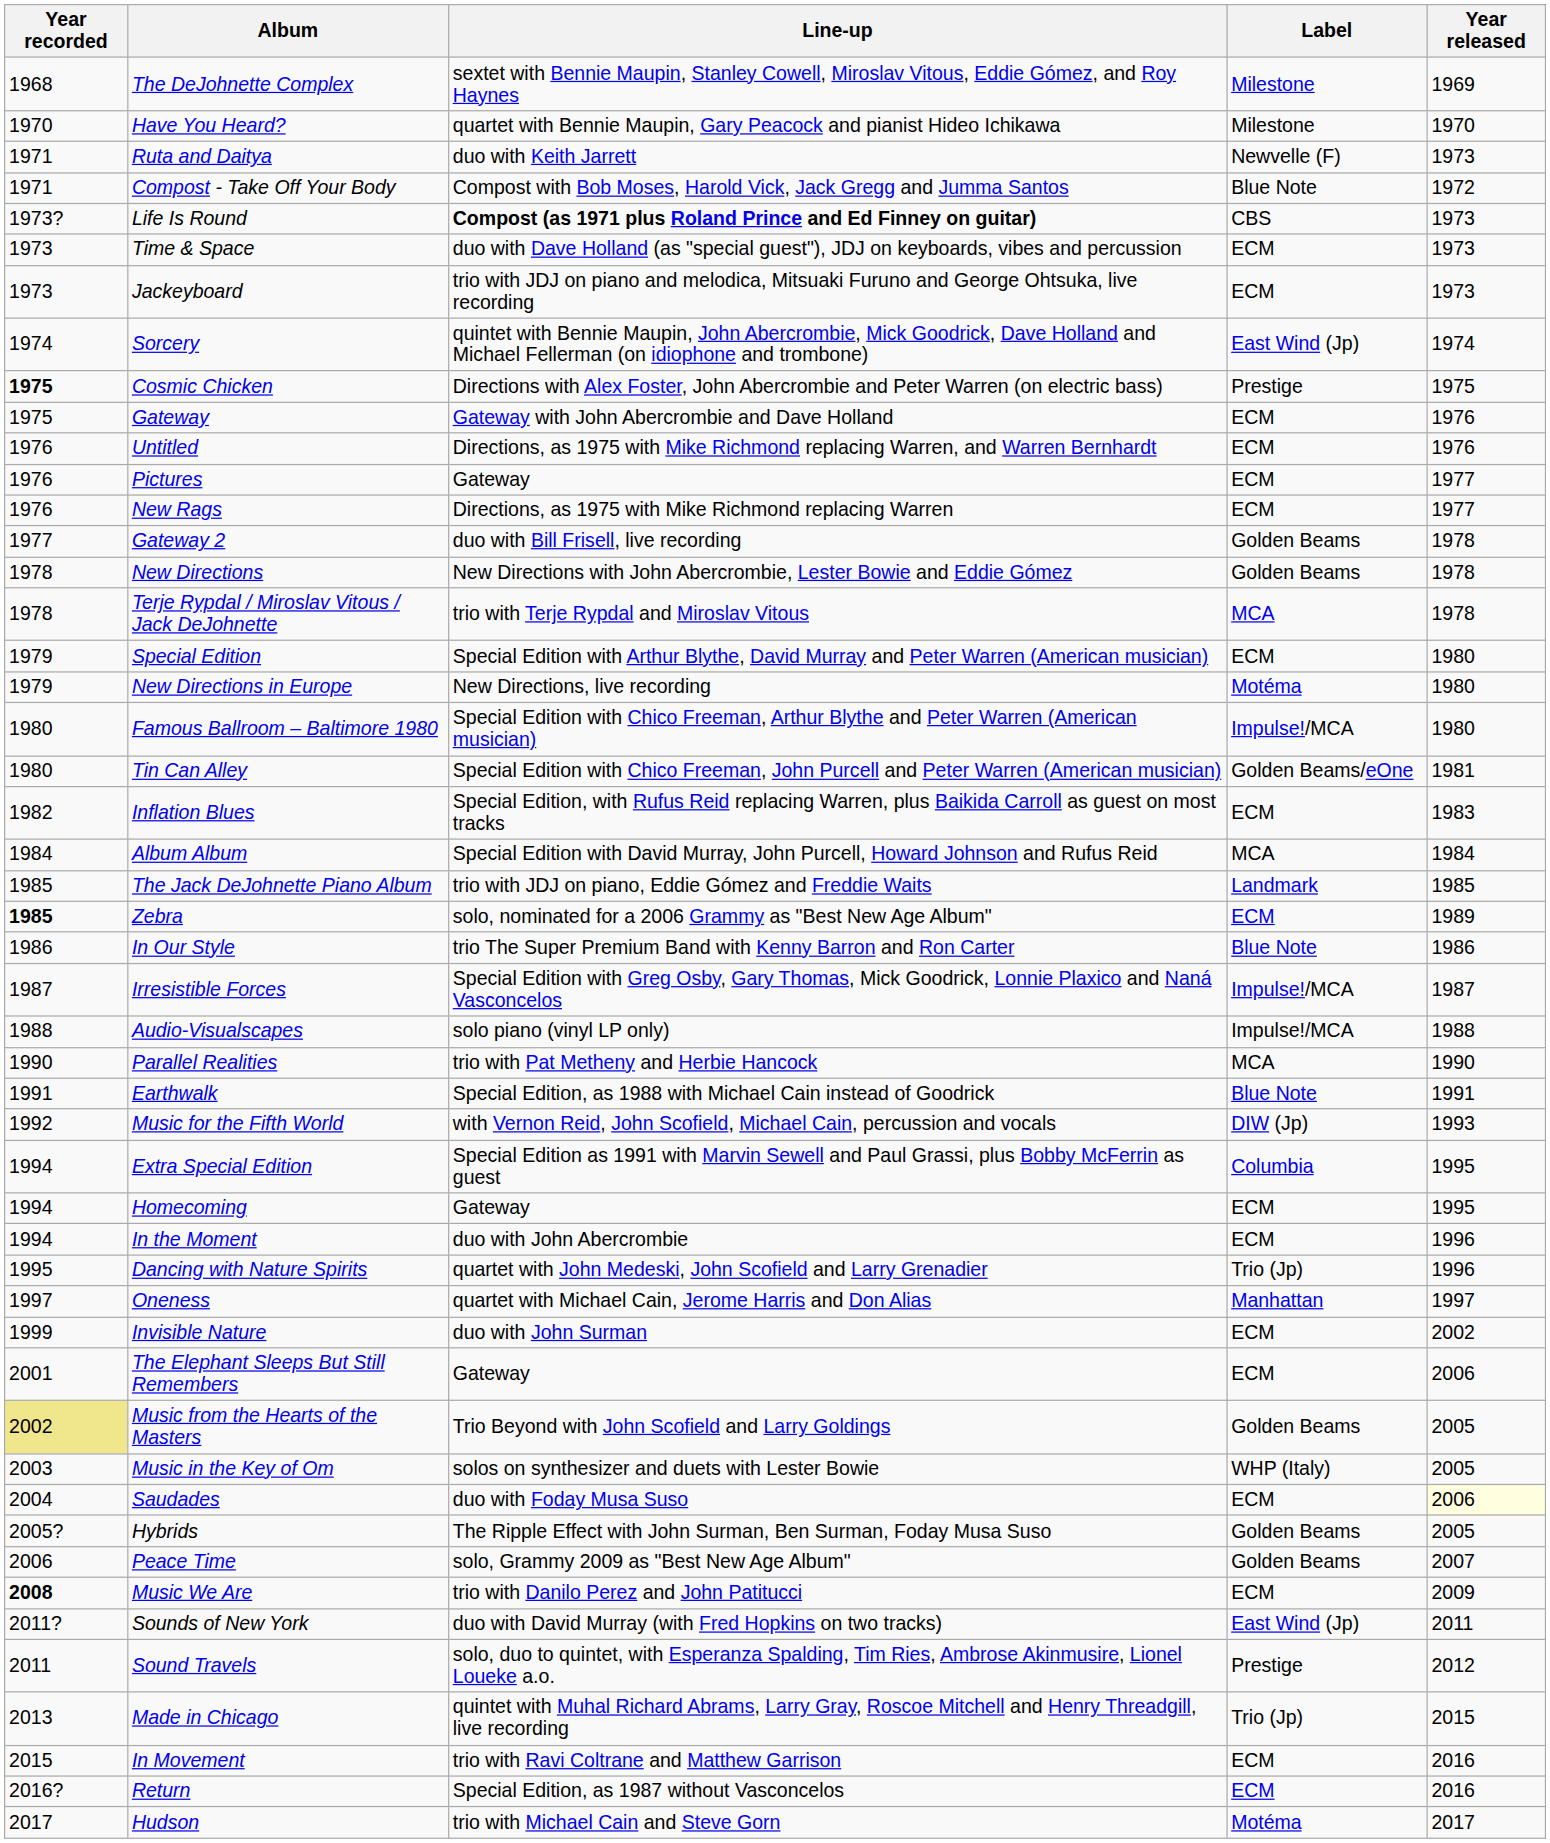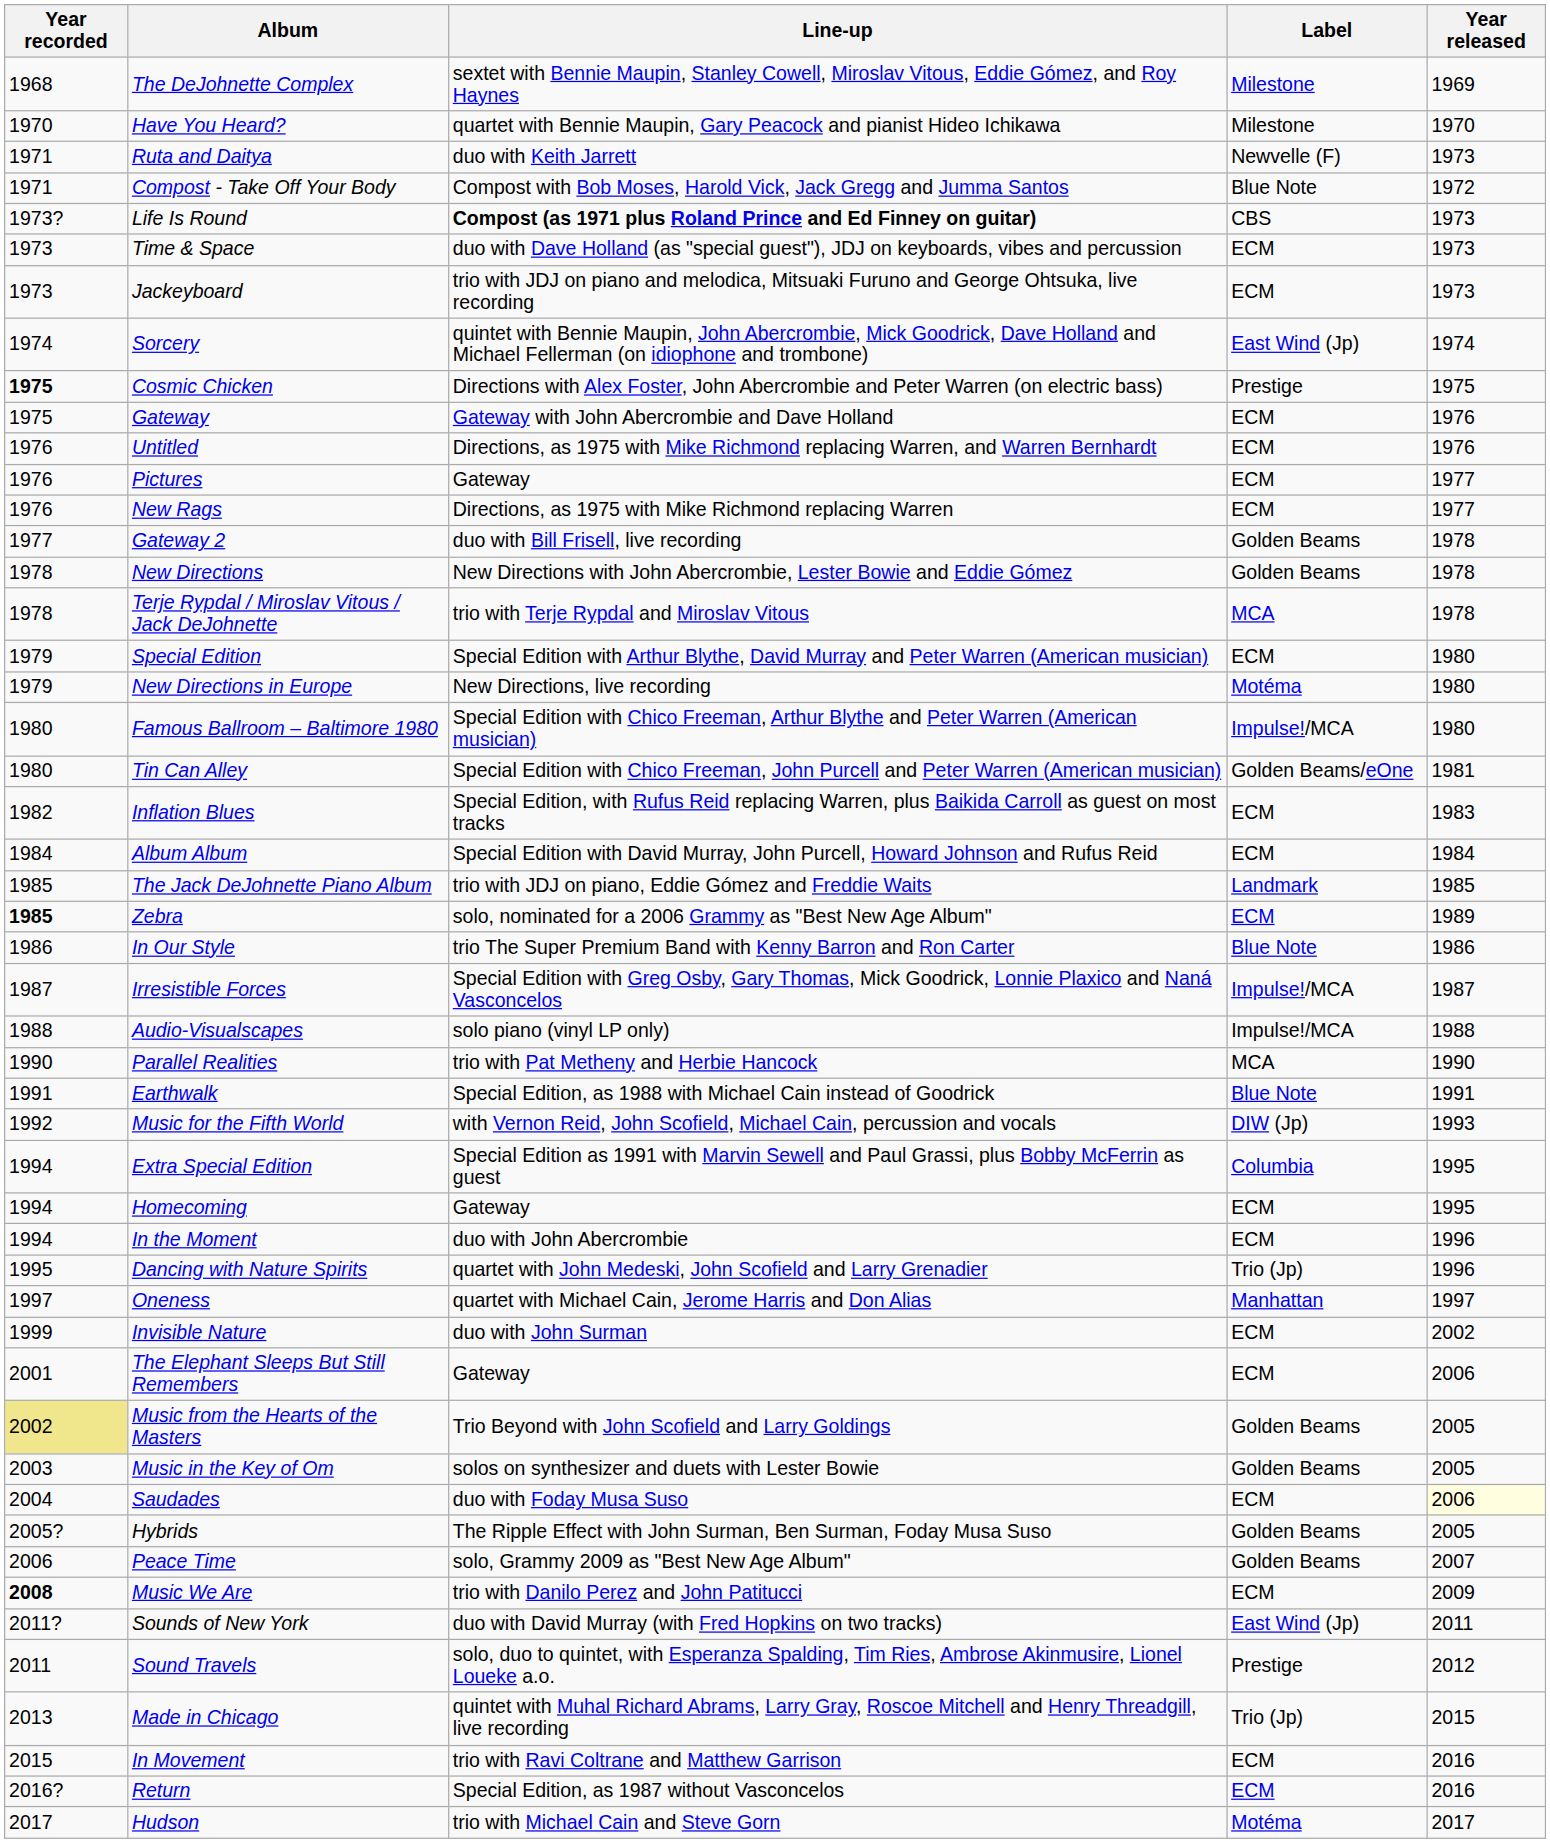 <table class="wikitable sortable" style="width:100%">
 <tr>
 <th>Year recorded</th>
 <th>Album</th>
 <th>Line-up</th>
 <th style="width:13%">Label</th>
 <th>Year released</th>
 </tr>
 <tr>
 <td>1968</td>
 <td><em><a href='#'>The DeJohnette Complex</a></em></td>
 <td>sextet with <a href='#'>Bennie Maupin</a>, <a href='#'>Stanley Cowell</a>, <a href='#'>Miroslav Vitous</a>, <a href='#'>Eddie Gómez</a>, and <a href='#'>Roy Haynes</a></td>
 <td><a href='#'>Milestone</a></td>
 <td>1969</td>
 </tr>
 <tr>
 <td>1970</td>
 <td><em><a href='#'>Have You Heard?</a></em></td>
 <td>quartet with Bennie Maupin, <a href='#'>Gary Peacock</a> and pianist Hideo Ichikawa</td>
 <td>Milestone</td>
 <td>1970</td>
 </tr>
 <tr>
 <td>1971</td>
 <td><em><a href='#'>Ruta and Daitya</a></em></td>
 <td>duo with <a href='#'>Keith Jarrett</a></td>
 <td>Newvelle (F)</td>
 <td>1973</td>
 </tr>
 <tr>
 <td>1971</td>
 <td><em><a href='#'>Compost</a> - Take Off Your Body</em></td>
 <td>Compost with <a href='#'>Bob Moses</a>, <a href='#'>Harold Vick</a>, <a href='#'>Jack Gregg</a> and <a href='#'>Jumma Santos</a></td>
 <td>Blue Note</td>
 <td>1972</td>
 </tr>
 <tr>
 <td>1973?</td>
 <td><em>Life Is Round</em></td>
 <td><strong>Compost (as 1971 plus <a href='#'>Roland Prince</a> and Ed Finney on guitar)</strong></td>
 <td>CBS</td>
 <td>1973</td>
 </tr>
 <tr>
 <td>1973</td>
 <td><em>Time & Space</em></td>
 <td>duo with <a href='#'>Dave Holland</a> (as "special guest"), JDJ on keyboards, vibes and percussion</td>
 <td>ECM</td>
 <td>1973</td>
 </tr>
 <tr>
 <td>1973</td>
 <td><em>Jackeyboard</em></td>
 <td>trio with JDJ on piano and melodica, Mitsuaki Furuno and George Ohtsuka, live recording</td>
 <td>ECM</td>
 <td>1973</td>
 </tr>
 <tr>
 <td>1974</td>
 <td><em><a href='#'>Sorcery</a></em></td>
 <td>quintet with Bennie Maupin, <a href='#'>John Abercrombie</a>, <a href='#'>Mick Goodrick</a>, <a href='#'>Dave Holland</a> and Michael Fellerman (on <a href='#'>idiophone</a> and trombone)</td>
 <td><a href='#'>East Wind</a> (Jp)</td>
 <td>1974</td>
 </tr>
 <tr>
 <td><strong>1975</strong></td>
 <td><em><a href='#'>Cosmic Chicken</a></em></td>
 <td>Directions with <a href='#'>Alex Foster</a>, John Abercrombie and Peter Warren (on electric bass)</td>
 <td>Prestige</td>
 <td>1975</td>
 </tr>
 <tr>
 <td>1975</td>
 <td><em><a href='#'>Gateway</a></em></td>
 <td><a href='#'>Gateway</a> with John Abercrombie and Dave Holland</td>
 <td>ECM</td>
 <td>1976</td>
 </tr>
 <tr>
 <td>1976</td>
 <td><em><a href='#'>Untitled</a></em></td>
 <td>Directions, as 1975 with <a href='#'>Mike Richmond</a> replacing Warren, and <a href='#'>Warren Bernhardt</a></td>
 <td>ECM</td>
 <td>1976</td>
 </tr>
 <tr>
 <td>1976</td>
 <td><em><a href='#'>Pictures</a></em></td>
 <td>Gateway</td>
 <td>ECM</td>
 <td>1977</td>
 </tr>
 <tr>
 <td>1976</td>
 <td><em><a href='#'>New Rags</a></em></td>
 <td>Directions, as 1975 with Mike Richmond replacing Warren</td>
 <td>ECM</td>
 <td>1977</td>
 </tr>
 <tr>
 <td>1977</td>
 <td><em><a href='#'>Gateway 2</a></em></td>
 <td>duo with <a href='#'>Bill Frisell</a>, live recording</td>
 <td>Golden Beams</td>
 <td>1978</td>
 </tr>
 <tr>
 <td>1978</td>
 <td><em><a href='#'>New Directions</a></em></td>
 <td>New Directions with John Abercrombie, <a href='#'>Lester Bowie</a> and <a href='#'>Eddie Gómez</a></td>
 <td>Golden Beams</td>
 <td>1978</td>
 </tr>
 <tr>
 <td>1978</td>
 <td><em><a href='#'>Terje Rypdal / Miroslav Vitous / Jack DeJohnette</a></em></td>
 <td>trio with <a href='#'>Terje Rypdal</a> and <a href='#'>Miroslav Vitous</a></td>
 <td><a href='#'>MCA</a></td>
 <td>1978</td>
 </tr>
 <tr>
 <td>1979</td>
 <td><em><a href='#'>Special Edition</a></em></td>
 <td>Special Edition with <a href='#'>Arthur Blythe</a>, <a href='#'>David Murray</a> and <a href='#'>Peter Warren (American musician)</a></td>
 <td>ECM</td>
 <td>1980</td>
 </tr>
 <tr>
 <td>1979</td>
 <td><em><a href='#'>New Directions in Europe</a></em></td>
 <td>New Directions, live recording</td>
 <td><a href='#'>Motéma</a></td>
 <td>1980</td>
 </tr>
 <tr>
 <td>1980</td>
 <td><em><a href='#'>Famous Ballroom – Baltimore 1980</a></em></td>
 <td>Special Edition with <a href='#'>Chico Freeman</a>, <a href='#'>Arthur Blythe</a> and <a href='#'>Peter Warren (American musician)</a></td>
 <td><a href='#'>Impulse!</a>/MCA</td>
 <td>1980</td>
 </tr>
 <tr>
 <td>1980</td>
 <td><em><a href='#'>Tin Can Alley</a></em></td>
 <td>Special Edition with <a href='#'>Chico Freeman</a>, <a href='#'>John Purcell</a> and <a href='#'>Peter Warren (American musician)</a></td>
 <td>Golden Beams/<a href='#'>eOne</a></td>
 <td>1981</td>
 </tr>
 <tr>
 <td>1982</td>
 <td><em><a href='#'>Inflation Blues</a></em></td>
 <td>Special Edition, with <a href='#'>Rufus Reid</a> replacing Warren, plus <a href='#'>Baikida Carroll</a> as guest on most tracks</td>
 <td>ECM</td>
 <td>1983</td>
 </tr>
 <tr>
 <td>1984</td>
 <td><em><a href='#'>Album Album</a></em></td>
 <td>Special Edition with David Murray, John Purcell, <a href='#'>Howard Johnson</a> and Rufus Reid</td>
-<td>MCA</td>
+<td>ECM</td>
 <td>1984</td>
 </tr>
 <tr>
 <td>1985</td>
 <td><em><a href='#'>The Jack DeJohnette Piano Album</a></em></td>
 <td>trio with JDJ on piano, Eddie Gómez and <a href='#'>Freddie Waits</a></td>
 <td><a href='#'>Landmark</a></td>
 <td>1985</td>
 </tr>
 <tr>
 <td><strong>1985</strong></td>
 <td><em><a href='#'>Zebra</a></em></td>
 <td>solo, nominated for a 2006 <a href='#'>Grammy</a> as "Best New Age Album"</td>
 <td><a href='#'>ECM</a></td>
 <td>1989</td>
 </tr>
 <tr>
 <td>1986</td>
 <td><em><a href='#'>In Our Style</a></em></td>
 <td>trio The Super Premium Band with <a href='#'>Kenny Barron</a> and <a href='#'>Ron Carter</a></td>
 <td><a href='#'>Blue Note</a></td>
 <td>1986</td>
 </tr>
 <tr>
 <td>1987</td>
 <td><em><a href='#'>Irresistible Forces</a></em></td>
 <td>Special Edition with <a href='#'>Greg Osby</a>, <a href='#'>Gary Thomas</a>, Mick Goodrick, <a href='#'>Lonnie Plaxico</a> and <a href='#'>Naná Vasconcelos</a></td>
 <td><a href='#'>Impulse!</a>/MCA</td>
 <td>1987</td>
 </tr>
 <tr>
 <td>1988</td>
 <td><em><a href='#'>Audio-Visualscapes</a></em></td>
 <td>solo piano (vinyl LP only)</td>
 <td>Impulse!/MCA</td>
 <td>1988</td>
 </tr>
 <tr>
 <td>1990</td>
 <td><em><a href='#'>Parallel Realities</a></em></td>
 <td>trio with <a href='#'>Pat Metheny</a> and <a href='#'>Herbie Hancock</a></td>
 <td>MCA</td>
 <td>1990</td>
 </tr>
 <tr>
 <td>1991</td>
 <td><em><a href='#'>Earthwalk</a></em></td>
 <td>Special Edition, as 1988 with Michael Cain instead of Goodrick</td>
 <td><a href='#'>Blue Note</a></td>
 <td>1991</td>
 </tr>
 <tr>
 <td>1992</td>
 <td><em><a href='#'>Music for the Fifth World</a></em></td>
 <td>with <a href='#'>Vernon Reid</a>, <a href='#'>John Scofield</a>, <a href='#'>Michael Cain</a>, percussion and vocals</td>
 <td><a href='#'>DIW</a> (Jp)</td>
 <td>1993</td>
 </tr>
 <tr>
 <td>1994</td>
 <td><em><a href='#'>Extra Special Edition</a></em></td>
 <td>Special Edition as 1991 with <a href='#'>Marvin Sewell</a> and Paul Grassi, plus <a href='#'>Bobby McFerrin</a> as guest</td>
 <td><a href='#'>Columbia</a></td>
 <td>1995</td>
 </tr>
 <tr>
 <td>1994</td>
 <td><em><a href='#'>Homecoming</a></em></td>
 <td>Gateway</td>
 <td>ECM</td>
 <td>1995</td>
 </tr>
 <tr>
 <td>1994</td>
 <td><em><a href='#'>In the Moment</a></em></td>
 <td>duo with John Abercrombie</td>
 <td>ECM</td>
 <td>1996</td>
 </tr>
 <tr>
 <td>1995</td>
 <td><em><a href='#'>Dancing with Nature Spirits</a></em></td>
 <td>quartet with <a href='#'>John Medeski</a>, <a href='#'>John Scofield</a> and <a href='#'>Larry Grenadier</a></td>
 <td>Trio (Jp)</td>
 <td>1996</td>
 </tr>
 <tr>
 <td>1997</td>
 <td><em><a href='#'>Oneness</a></em></td>
 <td>quartet with Michael Cain, <a href='#'>Jerome Harris</a> and <a href='#'>Don Alias</a></td>
 <td><a href='#'>Manhattan</a></td>
 <td>1997</td>
 </tr>
 <tr>
 <td>1999</td>
 <td><em><a href='#'>Invisible Nature</a></em></td>
 <td>duo with <a href='#'>John Surman</a></td>
 <td>ECM</td>
 <td>2002</td>
 </tr>
 <tr>
 <td>2001</td>
 <td><em><a href='#'>The Elephant Sleeps But Still Remembers</a></em></td>
 <td>Gateway</td>
 <td>ECM</td>
 <td>2006</td>
 </tr>
 <tr>
 <td style="background: khaki;">2002</td>
 <td><em><a href='#'>Music from the Hearts of the Masters</a></em></td>
 <td>Trio Beyond with <a href='#'>John Scofield</a> and <a href='#'>Larry Goldings</a></td>
 <td>Golden Beams</td>
 <td>2005</td>
 </tr>
 <tr>
 <td>2003</td>
 <td><em><a href='#'>Music in the Key of Om</a></em></td>
 <td>solos on synthesizer and duets with Lester Bowie</td>
-<td>WHP (Italy)</td>
+<td>Golden Beams</td>
 <td>2005</td>
 </tr>
 <tr>
 <td>2004</td>
 <td><em><a href='#'>Saudades</a></em></td>
 <td>duo with <a href='#'>Foday Musa Suso</a></td>
 <td>ECM</td>
 <td style="background: lightyellow;">2006</td>
 </tr>
 <tr>
 <td>2005?</td>
 <td><em>Hybrids</em></td>
 <td>The Ripple Effect with John Surman, Ben Surman, Foday Musa Suso</td>
 <td>Golden Beams</td>
 <td>2005</td>
 </tr>
 <tr>
 <td>2006</td>
 <td><em><a href='#'>Peace Time</a></em></td>
 <td>solo, Grammy 2009 as "Best New Age Album"</td>
 <td>Golden Beams</td>
 <td>2007</td>
 </tr>
 <tr>
 <td><strong>2008</strong></td>
 <td><em><a href='#'>Music We Are</a></em></td>
 <td>trio with <a href='#'>Danilo Perez</a> and <a href='#'>John Patitucci</a></td>
 <td>ECM</td>
 <td>2009</td>
 </tr>
 <tr>
 <td>2011?</td>
 <td><em>Sounds of New York</em></td>
 <td>duo with David Murray (with <a href='#'>Fred Hopkins</a> on two tracks)</td>
 <td><a href='#'>East Wind</a> (Jp)</td>
 <td>2011</td>
 </tr>
 <tr>
 <td>2011</td>
 <td><em><a href='#'>Sound Travels</a></em></td>
 <td>solo, duo to quintet, with <a href='#'>Esperanza Spalding</a>, <a href='#'>Tim Ries</a>, <a href='#'>Ambrose Akinmusire</a>, <a href='#'>Lionel Loueke</a> a.o.</td>
 <td>Prestige</td>
 <td>2012</td>
 </tr>
 <tr>
 <td>2013</td>
 <td><em><a href='#'>Made in Chicago</a></em></td>
 <td>quintet with <a href='#'>Muhal Richard Abrams</a>, <a href='#'>Larry Gray</a>, <a href='#'>Roscoe Mitchell</a> and <a href='#'>Henry Threadgill</a>, live recording</td>
 <td>Trio (Jp)</td>
 <td>2015</td>
 </tr>
 <tr>
 <td>2015</td>
 <td><em><a href='#'>In Movement</a></em></td>
 <td>trio with <a href='#'>Ravi Coltrane</a> and <a href='#'>Matthew Garrison</a></td>
 <td>ECM</td>
 <td>2016</td>
 </tr>
 <tr>
 <td>2016?</td>
 <td><em><a href='#'>Return</a></em></td>
 <td>Special Edition, as 1987 without Vasconcelos</td>
 <td><a href='#'>ECM</a></td>
 <td>2016</td>
 </tr>
 <tr>
 <td>2017</td>
 <td><em><a href='#'>Hudson</a></em></td>
 <td>trio with <a href='#'>Michael Cain</a> and <a href='#'>Steve Gorn</a></td>
 <td><a href='#'>Motéma</a></td>
 <td>2017</td>
 </tr>
 </table>
